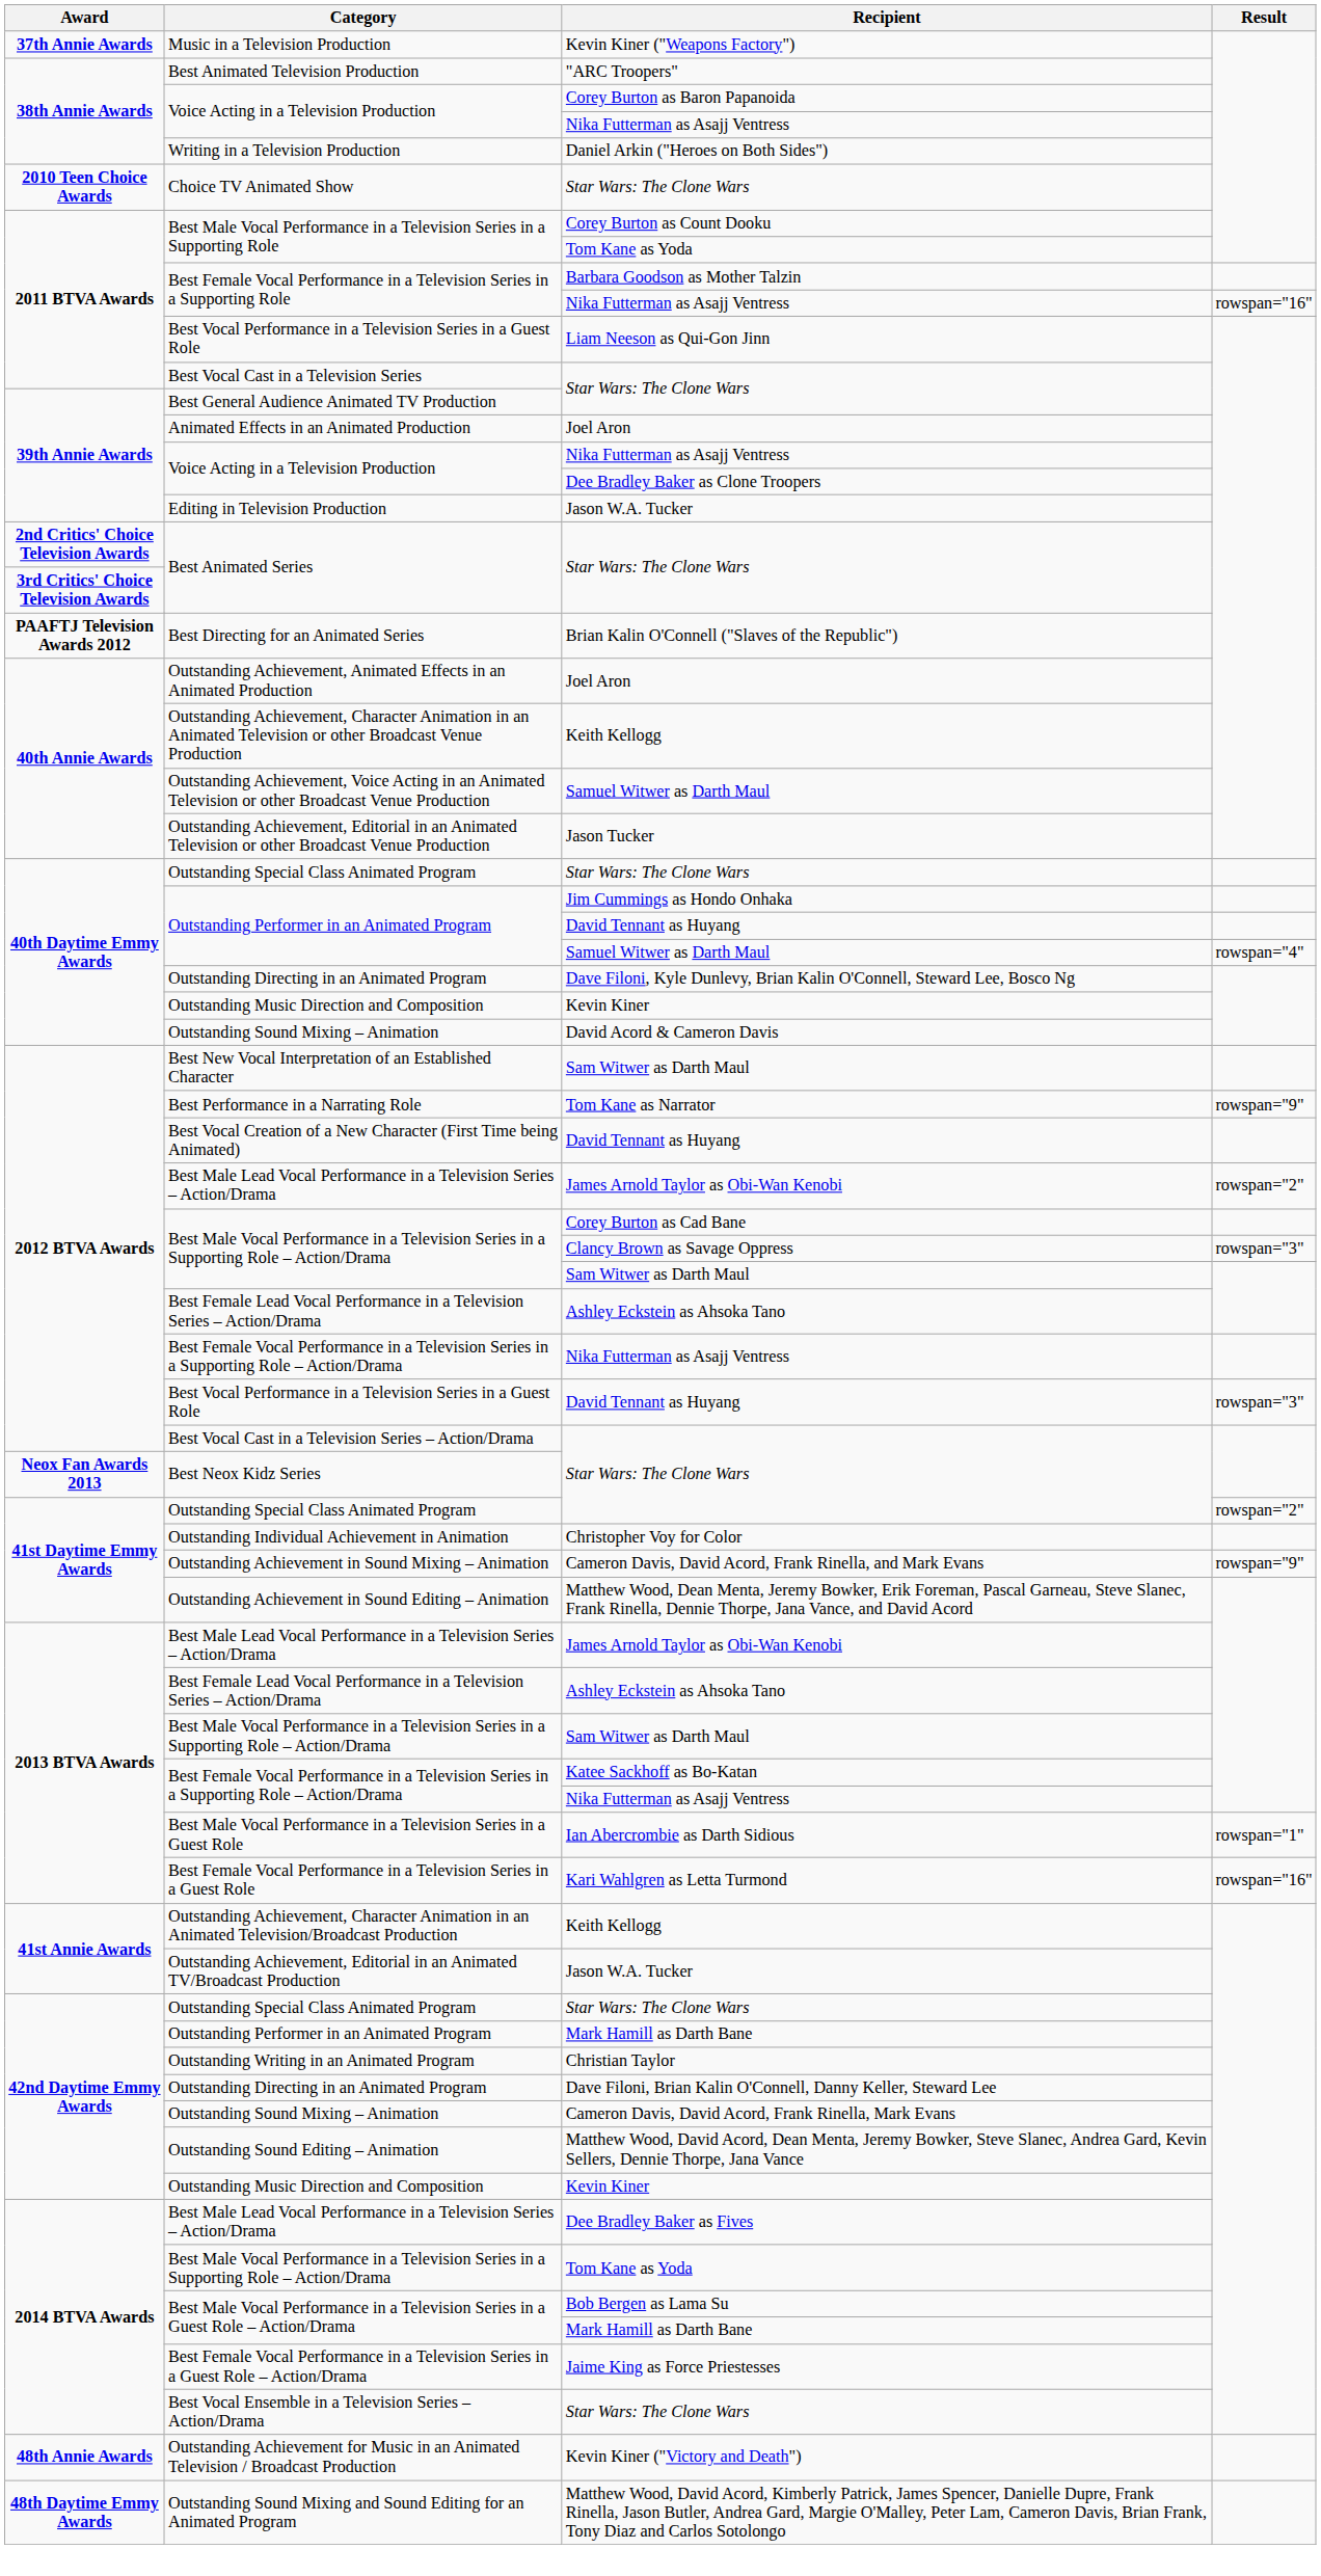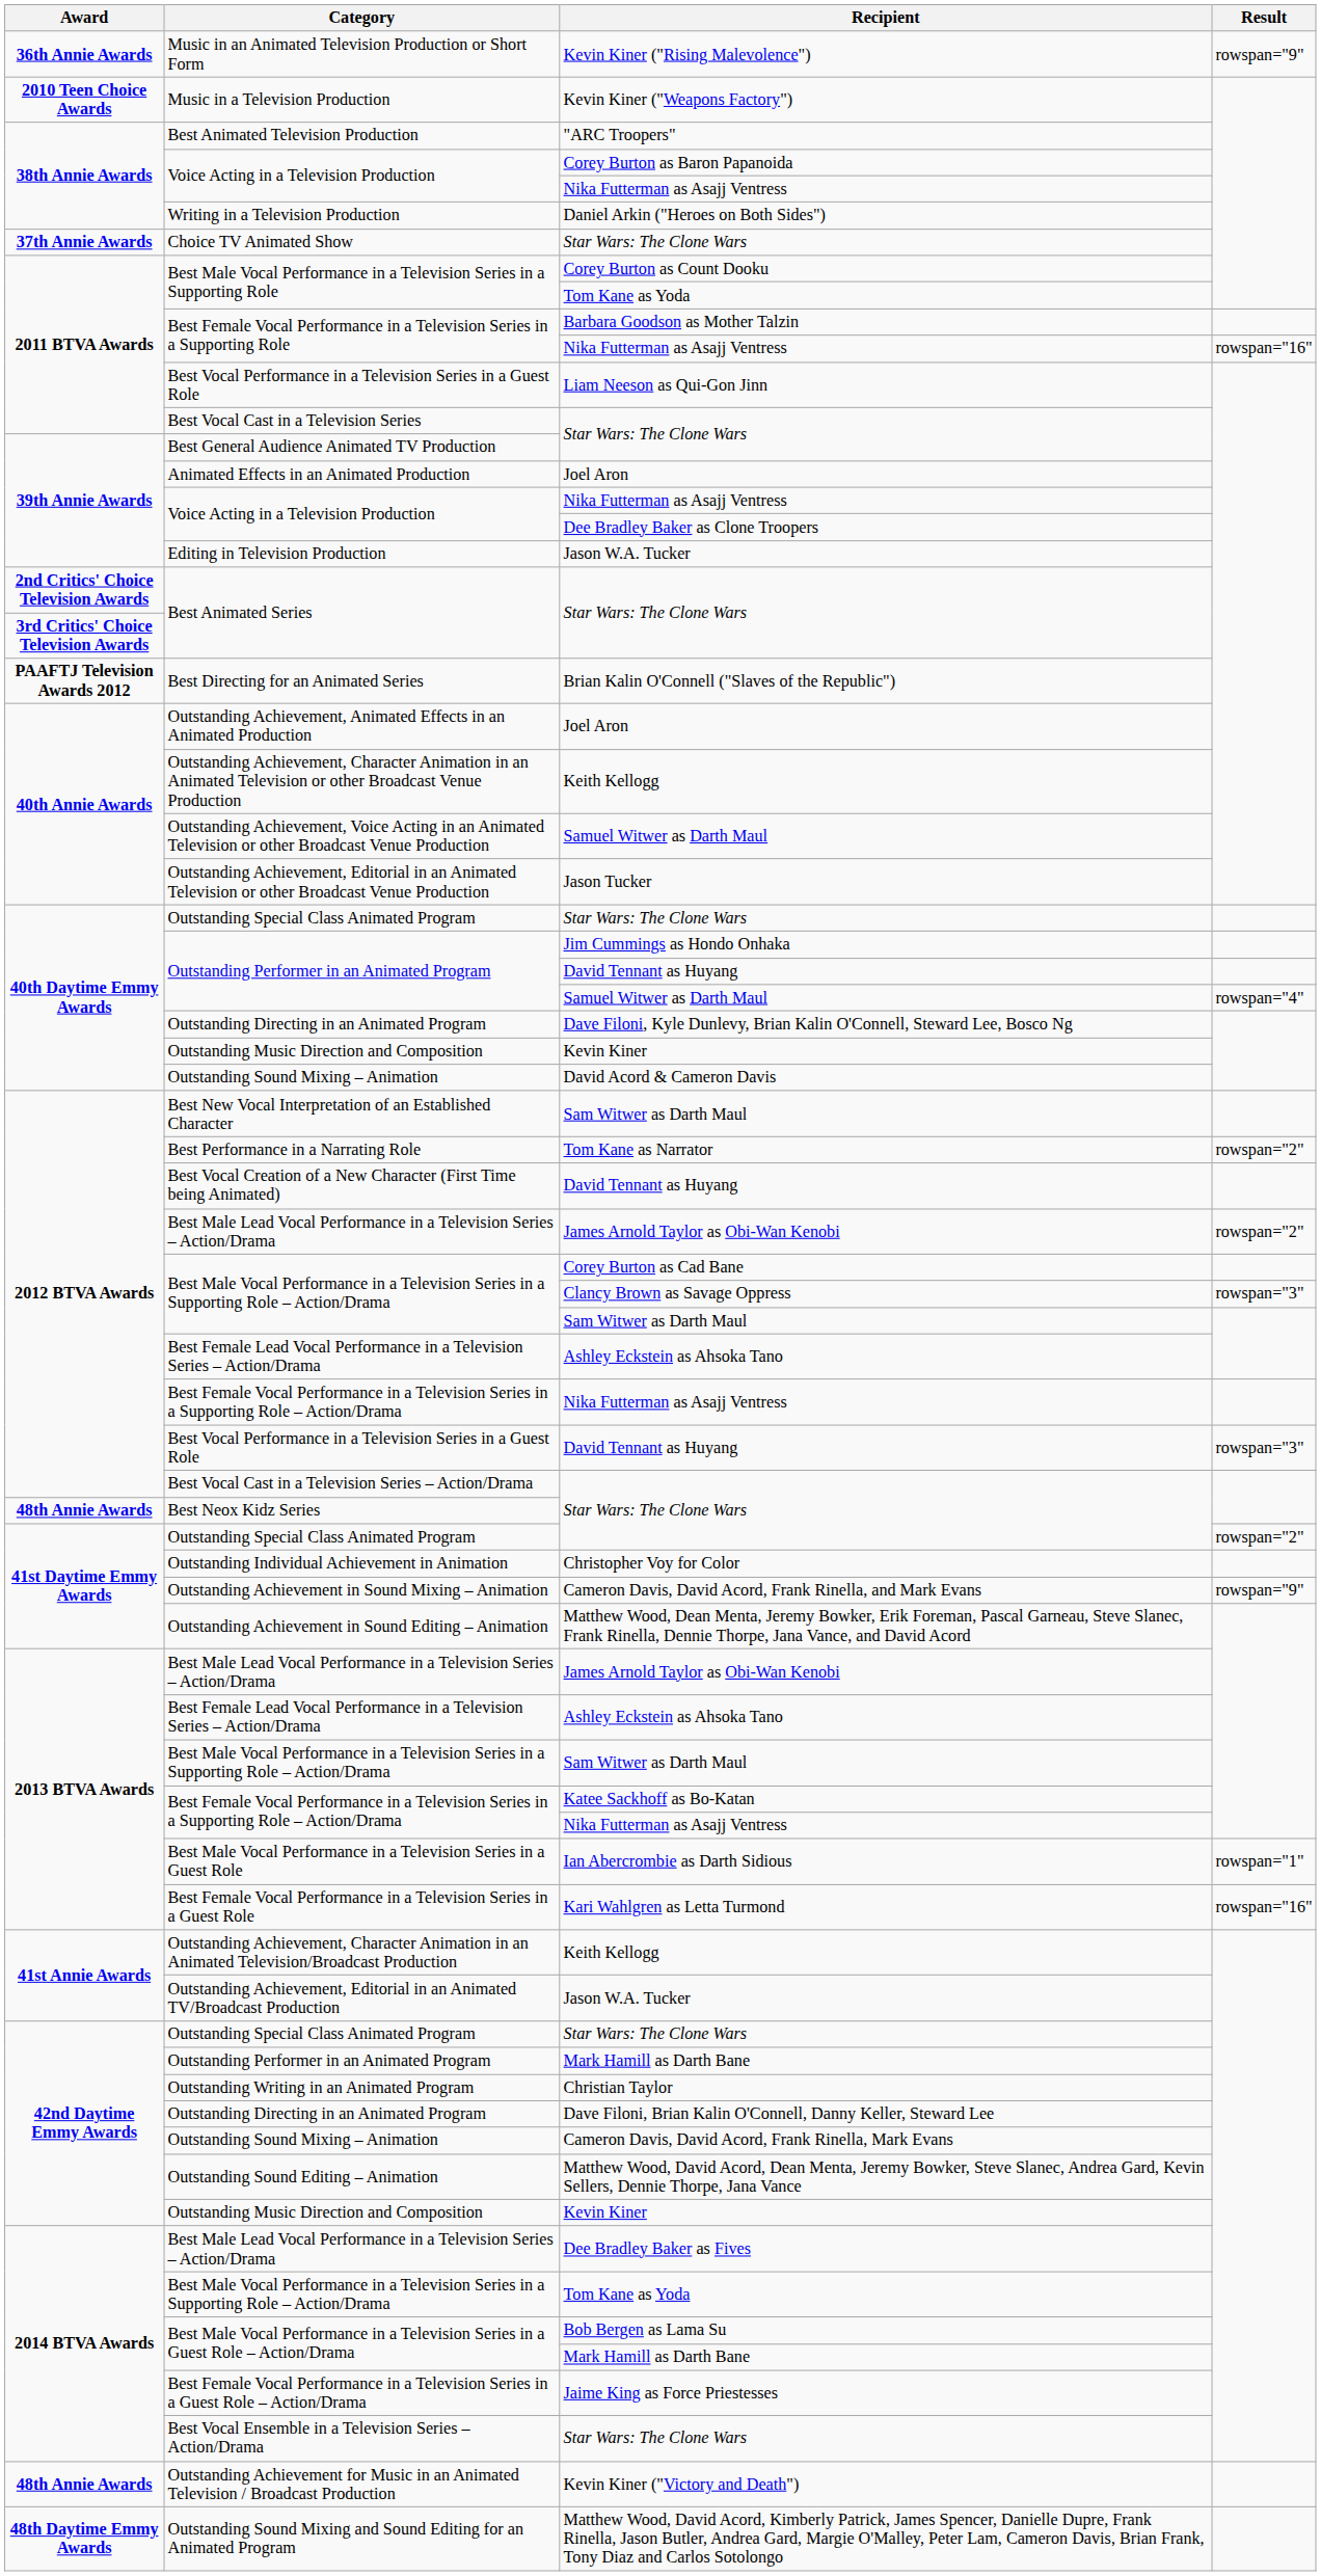 <table class="wikitable sortable" style="width: 99%;">
 <tr>
 <th>Award</th>
 <th>Category</th>
 <th>Recipient</th>
 <th>Result</th>
 </tr>
 <tr>
-<td style="text-align:center;"><strong><a href='#'>37th Annie Awards</a></strong></td>
+<td style="text-align:center;"><strong><a href='#'>36th Annie Awards</a></strong></td>
+<td>Music in an Animated Television Production or Short Form</td>
+<td><a href='#'>Kevin Kiner</a> ("<a href='#'>Rising Malevolence</a>")</td>
+<td>rowspan="9" </td>
+</tr>
+<tr>
+<td style="text-align:center;"><strong><a href='#'>2010 Teen Choice Awards</a></strong></td>
 <td>Music in a Television Production</td>
 <td>Kevin Kiner ("<a href='#'>Weapons Factory</a>")</td>
 </tr>
 <tr>
 <td rowspan="4" style="text-align:center;"><strong><a href='#'>38th Annie Awards</a></strong></td>
 <td>Best Animated Television Production</td>
 <td>"ARC Troopers"</td>
 </tr>
 <tr>
 <td rowspan="2">Voice Acting in a Television Production</td>
 <td><a href='#'>Corey Burton</a> as Baron Papanoida</td>
 </tr>
 <tr>
 <td><a href='#'>Nika Futterman</a> as Asajj Ventress</td>
 </tr>
 <tr>
 <td>Writing in a Television Production</td>
 <td>Daniel Arkin ("Heroes on Both Sides")</td>
 </tr>
 <tr>
-<td style="text-align:center;"><strong><a href='#'>2010 Teen Choice Awards</a></strong></td>
+<td style="text-align:center;"><strong><a href='#'>37th Annie Awards</a></strong></td>
 <td>Choice TV Animated Show</td>
 <td><em>Star Wars: The Clone Wars</em></td>
 </tr>
 <tr>
 <td rowspan="6" style="text-align:center;"><strong>2011 BTVA Awards</strong></td>
 <td rowspan="2">Best Male Vocal Performance in a Television Series in a Supporting Role</td>
 <td><a href='#'>Corey Burton</a> as Count Dooku</td>
 </tr>
 <tr>
 <td><a href='#'>Tom Kane</a> as Yoda</td>
 </tr>
 <tr>
 <td rowspan="2">Best Female Vocal Performance in a Television Series in a Supporting Role</td>
 <td><a href='#'>Barbara Goodson</a> as Mother Talzin</td>
 <td></td>
 </tr>
 <tr>
 <td><a href='#'>Nika Futterman</a> as Asajj Ventress</td>
 <td>rowspan="16" </td>
 </tr>
 <tr>
 <td>Best Vocal Performance in a Television Series in a Guest Role</td>
 <td><a href='#'>Liam Neeson</a> as Qui-Gon Jinn</td>
 </tr>
 <tr>
 <td>Best Vocal Cast in a Television Series</td>
 <td rowspan="2"><em>Star Wars: The Clone Wars</em></td>
 </tr>
 <tr>
 <td rowspan="5" style="text-align:center;"><strong><a href='#'>39th Annie Awards</a></strong></td>
 <td>Best General Audience Animated TV Production</td>
 </tr>
 <tr>
 <td>Animated Effects in an Animated Production</td>
 <td>Joel Aron</td>
 </tr>
 <tr>
 <td rowspan="2">Voice Acting in a Television Production</td>
 <td><a href='#'>Nika Futterman</a> as Asajj Ventress</td>
 </tr>
 <tr>
 <td><a href='#'>Dee Bradley Baker</a> as Clone Troopers</td>
 </tr>
 <tr>
 <td>Editing in Television Production</td>
 <td>Jason W.A. Tucker</td>
 </tr>
 <tr>
 <td style="text-align:center;"><strong><a href='#'>2nd Critics' Choice Television Awards</a></strong></td>
 <td rowspan="3">Best Animated Series</td>
 <td rowspan="3"><em>Star Wars: The Clone Wars</em></td>
 </tr>
 <tr>
 <td style="text-align:center;"><strong><a href='#'>3rd Critics' Choice Television Awards</a></strong></td>
 </tr>
 <tr>
 <td rowspan="2" style="text-align:center;"><strong>PAAFTJ Television Awards 2012</strong></td>
 </tr>
 <tr>
 <td>Best Directing for an Animated Series</td>
 <td>Brian Kalin O'Connell ("Slaves of the Republic")</td>
 </tr>
 <tr>
 <td rowspan="4" style="text-align:center;"><strong><a href='#'>40th Annie Awards</a></strong></td>
 <td>Outstanding Achievement, Animated Effects in an Animated Production</td>
 <td>Joel Aron</td>
 </tr>
 <tr>
 <td>Outstanding Achievement, Character Animation in an Animated Television or other Broadcast Venue Production</td>
 <td>Keith Kellogg</td>
 </tr>
 <tr>
 <td>Outstanding Achievement, Voice Acting in an Animated Television or other Broadcast Venue Production</td>
 <td><a href='#'>Samuel Witwer</a> as <a href='#'>Darth Maul</a></td>
 </tr>
 <tr>
 <td>Outstanding Achievement, Editorial in an Animated Television or other Broadcast Venue Production</td>
 <td>Jason Tucker</td>
 </tr>
 <tr>
 <td rowspan="7" style="text-align:center;"><strong><a href='#'>40th Daytime Emmy Awards</a></strong></td>
 <td>Outstanding Special Class Animated Program</td>
 <td><em>Star Wars: The Clone Wars</em></td>
 <td></td>
 </tr>
 <tr>
 <td rowspan="3"><a href='#'>Outstanding Performer in an Animated Program</a></td>
 <td><a href='#'>Jim Cummings</a> as Hondo Onhaka</td>
 <td></td>
 </tr>
 <tr>
 <td><a href='#'>David Tennant</a> as Huyang</td>
 <td></td>
 </tr>
 <tr>
 <td><a href='#'>Samuel Witwer</a> as <a href='#'>Darth Maul</a></td>
 <td>rowspan="4" </td>
 </tr>
 <tr>
 <td>Outstanding Directing in an Animated Program</td>
 <td><a href='#'>Dave Filoni</a>, Kyle Dunlevy, Brian Kalin O'Connell, Steward Lee, Bosco Ng</td>
 </tr>
 <tr>
 <td>Outstanding Music Direction and Composition</td>
 <td>Kevin Kiner</td>
 </tr>
 <tr>
 <td>Outstanding Sound Mixing – Animation</td>
 <td>David Acord & Cameron Davis</td>
 </tr>
 <tr>
 <td rowspan="11" style="text-align:center;"><strong>2012 BTVA Awards</strong></td>
 <td>Best New Vocal Interpretation of an Established Character</td>
 <td><a href='#'>Sam Witwer</a> as Darth Maul</td>
 <td></td>
 </tr>
 <tr>
 <td>Best Performance in a Narrating Role</td>
 <td><a href='#'>Tom Kane</a> as Narrator</td>
-<td>rowspan="9" </td>
+<td>rowspan="2" </td>
 </tr>
 <tr>
 <td>Best Vocal Creation of a New Character (First Time being Animated)</td>
 <td><a href='#'>David Tennant</a> as Huyang</td>
 </tr>
 <tr>
 <td>Best Male Lead Vocal Performance in a Television Series – Action/Drama</td>
 <td><a href='#'>James Arnold Taylor</a> as <a href='#'>Obi-Wan Kenobi</a></td>
 <td>rowspan="2" </td>
 </tr>
 <tr>
 <td rowspan="3">Best Male Vocal Performance in a Television Series in a Supporting Role – Action/Drama</td>
 <td><a href='#'>Corey Burton</a> as Cad Bane</td>
 </tr>
 <tr>
 <td><a href='#'>Clancy Brown</a> as Savage Oppress</td>
 <td>rowspan="3" </td>
 </tr>
 <tr>
 <td><a href='#'>Sam Witwer</a> as Darth Maul</td>
 </tr>
 <tr>
 <td>Best Female Lead Vocal Performance in a Television Series – Action/Drama</td>
 <td><a href='#'>Ashley Eckstein</a> as Ahsoka Tano</td>
 </tr>
 <tr>
 <td>Best Female Vocal Performance in a Television Series in a Supporting Role – Action/Drama</td>
 <td><a href='#'>Nika Futterman</a> as Asajj Ventress</td>
 <td></td>
 </tr>
 <tr>
 <td>Best Vocal Performance in a Television Series in a Guest Role</td>
 <td><a href='#'>David Tennant</a> as Huyang</td>
 <td>rowspan="3" </td>
 </tr>
 <tr>
 <td>Best Vocal Cast in a Television Series – Action/Drama</td>
 <td rowspan="3"><em>Star Wars: The Clone Wars</em></td>
 </tr>
 <tr>
-<td style="text-align:center;"><strong><a href='#'>Neox Fan Awards 2013</a></strong></td>
+<td style="text-align:center;"><strong><a href='#'>48th Annie Awards</a></strong></td>
 <td>Best Neox Kidz Series</td>
 </tr>
 <tr>
 <td rowspan="4" style="text-align:center;"><strong><a href='#'>41st Daytime Emmy Awards</a></strong></td>
 <td>Outstanding Special Class Animated Program</td>
 <td>rowspan="2" </td>
 </tr>
 <tr>
 <td>Outstanding Individual Achievement in Animation</td>
 <td>Christopher Voy for Color</td>
 </tr>
 <tr>
 <td>Outstanding Achievement in Sound Mixing – Animation</td>
 <td>Cameron Davis, David Acord, Frank Rinella, and Mark Evans</td>
 <td>rowspan="9" </td>
 </tr>
 <tr>
 <td>Outstanding Achievement in Sound Editing – Animation</td>
 <td>Matthew Wood, Dean Menta, Jeremy Bowker, Erik Foreman, Pascal Garneau, Steve Slanec, Frank Rinella, Dennie Thorpe, Jana Vance, and David Acord</td>
 </tr>
 <tr>
 <td rowspan="7" style="text-align:center;"><strong>2013 BTVA Awards</strong></td>
 <td>Best Male Lead Vocal Performance in a Television Series – Action/Drama</td>
 <td><a href='#'>James Arnold Taylor</a> as <a href='#'>Obi-Wan Kenobi</a></td>
 </tr>
 <tr>
 <td>Best Female Lead Vocal Performance in a Television Series – Action/Drama</td>
 <td><a href='#'>Ashley Eckstein</a> as Ahsoka Tano</td>
 </tr>
 <tr>
 <td>Best Male Vocal Performance in a Television Series in a Supporting Role – Action/Drama</td>
 <td><a href='#'>Sam Witwer</a> as Darth Maul</td>
 </tr>
 <tr>
 <td rowspan="2">Best Female Vocal Performance in a Television Series in a Supporting Role – Action/Drama</td>
 <td><a href='#'>Katee Sackhoff</a> as Bo-Katan</td>
 </tr>
 <tr>
 <td><a href='#'>Nika Futterman</a> as Asajj Ventress</td>
 </tr>
 <tr>
 <td>Best Male Vocal Performance in a Television Series in a Guest Role</td>
 <td><a href='#'>Ian Abercrombie</a> as Darth Sidious</td>
 <td>rowspan="1" </td>
 </tr>
 <tr>
 <td>Best Female Vocal Performance in a Television Series in a Guest Role</td>
 <td><a href='#'>Kari Wahlgren</a> as Letta Turmond</td>
 <td>rowspan="16" </td>
 </tr>
 <tr>
 <td rowspan="2" style="text-align:center;"><strong><a href='#'>41st Annie Awards</a></strong></td>
 <td>Outstanding Achievement, Character Animation in an Animated Television/Broadcast Production</td>
 <td>Keith Kellogg</td>
 </tr>
 <tr>
 <td>Outstanding Achievement, Editorial in an Animated TV/Broadcast Production</td>
 <td>Jason W.A. Tucker</td>
 </tr>
 <tr>
 <td rowspan="7" style="text-align:center;"><strong><a href='#'>42nd Daytime Emmy Awards</a></strong></td>
 <td>Outstanding Special Class Animated Program</td>
 <td><em>Star Wars: The Clone Wars</em></td>
 </tr>
 <tr>
 <td>Outstanding Performer in an Animated Program</td>
 <td><a href='#'>Mark Hamill</a> as Darth Bane</td>
 </tr>
 <tr>
 <td>Outstanding Writing in an Animated Program</td>
 <td>Christian Taylor</td>
 </tr>
 <tr>
 <td>Outstanding Directing in an Animated Program</td>
 <td>Dave Filoni, Brian Kalin O'Connell, Danny Keller, Steward Lee</td>
 </tr>
 <tr>
 <td>Outstanding Sound Mixing – Animation</td>
 <td>Cameron Davis, David Acord, Frank Rinella, Mark Evans</td>
 </tr>
 <tr>
 <td>Outstanding Sound Editing – Animation</td>
 <td>Matthew Wood, David Acord, Dean Menta, Jeremy Bowker, Steve Slanec, Andrea Gard, Kevin Sellers, Dennie Thorpe, Jana Vance</td>
 </tr>
 <tr>
 <td>Outstanding Music Direction and Composition</td>
 <td><a href='#'>Kevin Kiner</a></td>
 </tr>
 <tr>
 <td rowspan="6" style="text-align:center;"><strong>2014 BTVA Awards</strong></td>
 <td>Best Male Lead Vocal Performance in a Television Series – Action/Drama</td>
 <td><a href='#'>Dee Bradley Baker</a> as <a href='#'>Fives</a></td>
 </tr>
 <tr>
 <td>Best Male Vocal Performance in a Television Series in a Supporting Role – Action/Drama</td>
 <td><a href='#'>Tom Kane</a> as <a href='#'>Yoda</a></td>
 </tr>
 <tr>
 <td rowspan="2">Best Male Vocal Performance in a Television Series in a Guest Role – Action/Drama</td>
 <td><a href='#'>Bob Bergen</a> as Lama Su</td>
 </tr>
 <tr>
 <td><a href='#'>Mark Hamill</a> as Darth Bane</td>
 </tr>
 <tr>
 <td>Best Female Vocal Performance in a Television Series in a Guest Role – Action/Drama</td>
 <td><a href='#'>Jaime King</a> as Force Priestesses</td>
 </tr>
 <tr>
 <td>Best Vocal Ensemble in a Television Series – Action/Drama</td>
 <td><em>Star Wars: The Clone Wars</em></td>
 </tr>
 <tr>
 <td style="text-align:center;"><strong><a href='#'>48th Annie Awards</a></strong></td>
 <td>Outstanding Achievement for Music in an Animated Television / Broadcast Production</td>
 <td>Kevin Kiner ("<a href='#'>Victory and Death</a>")</td>
 <td></td>
 </tr>
 <tr>
 <td style="text-align:center;"><strong><a href='#'>48th Daytime Emmy Awards</a></strong></td>
 <td>Outstanding Sound Mixing and Sound Editing for an Animated Program</td>
 <td>Matthew Wood, David Acord, Kimberly Patrick, James Spencer, Danielle Dupre, Frank Rinella, Jason Butler, Andrea Gard, Margie O'Malley, Peter Lam, Cameron Davis, Brian Frank, Tony Diaz and Carlos Sotolongo</td>
 <td></td>
 </tr>
 </table>
